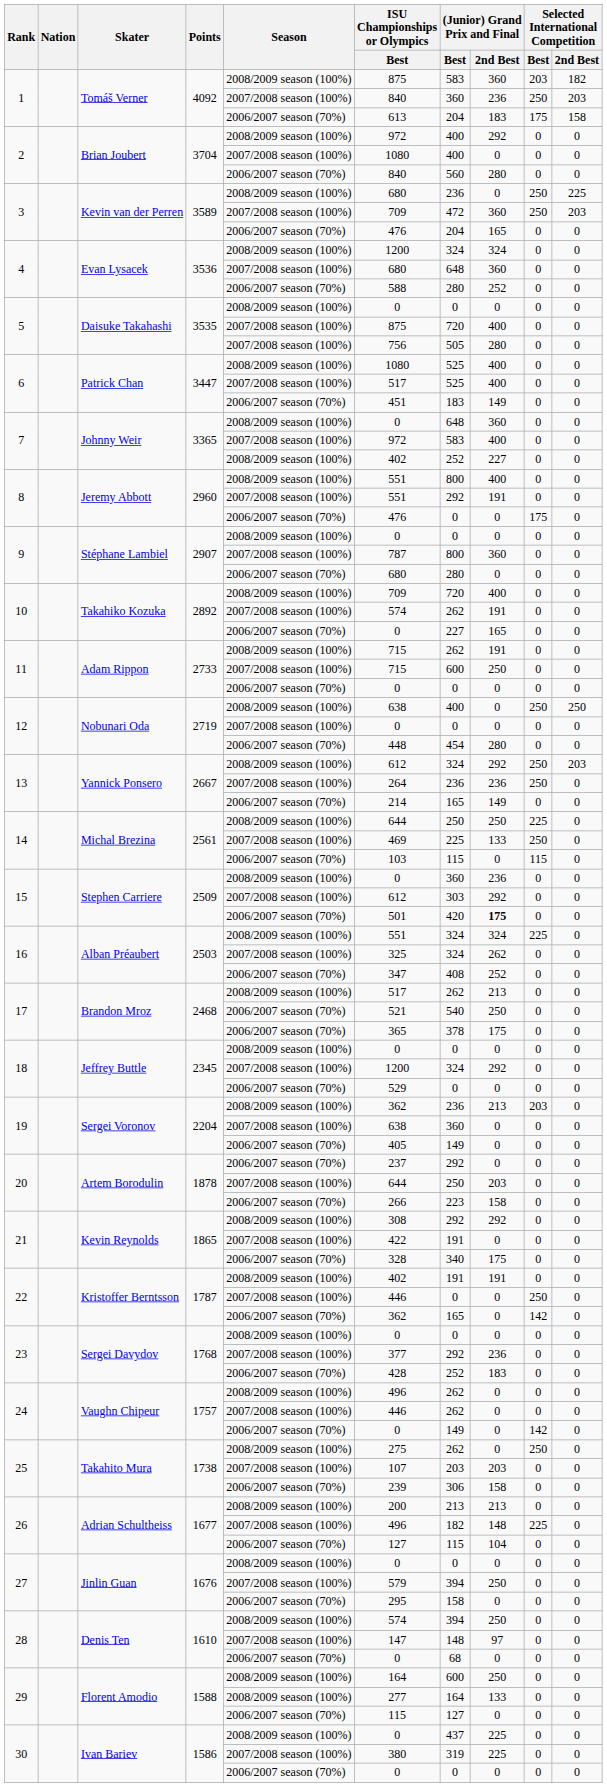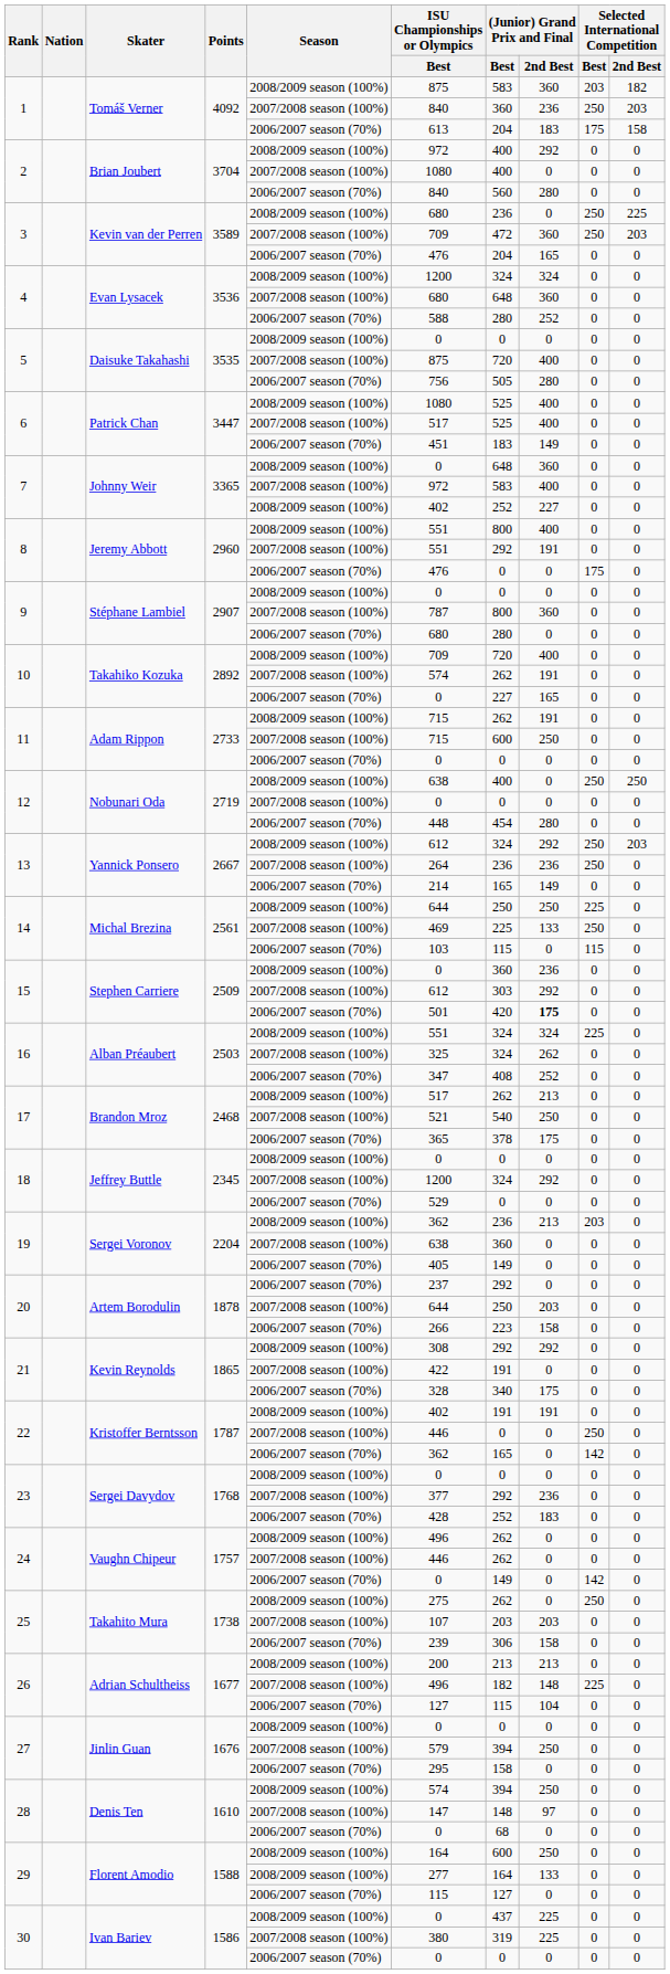 <table class="wikitable sortable" style="text-align: center;">
 <tr>
 <th rowspan="2">Rank</th>
 <th rowspan="2">Nation</th>
 <th rowspan="2">Skater</th>
 <th rowspan="2">Points</th>
 <th rowspan="2">Season</th>
 <th>ISU <br> Championships <br> or Olympics</th>
 <th colspan="2">(Junior) Grand <br> Prix and Final</th>
 <th colspan="2">Selected <br> International <br> Competition</th>
 </tr>
 <tr>
 <th>Best</th>
 <th>Best</th>
 <th>2nd Best</th>
 <th>Best</th>
 <th>2nd Best</th>
 </tr>
 <tr>
 <td rowspan="3">1</td>
 <td rowspan="3" style="text-align: left;"></td>
 <td rowspan="3" style="text-align: left;"><a href='#'>Tomáš Verner</a></td>
 <td rowspan="3">4092</td>
 <td style="text-align: left;">2008/2009 season (100%)</td>
 <td>875</td>
 <td>583</td>
 <td>360</td>
 <td>203</td>
 <td>182</td>
 </tr>
 <tr>
 <td style="text-align: left;">2007/2008 season (100%)</td>
 <td>840</td>
 <td>360</td>
 <td>236</td>
 <td>250</td>
 <td>203</td>
 </tr>
 <tr>
 <td style="text-align: left;">2006/2007 season (70%)</td>
 <td>613</td>
 <td>204</td>
 <td>183</td>
 <td>175</td>
 <td>158</td>
 </tr>
 <tr>
 <td rowspan="3">2</td>
 <td rowspan="3" style="text-align: left;"></td>
 <td rowspan="3" style="text-align: left;"><a href='#'>Brian Joubert</a></td>
 <td rowspan="3">3704</td>
 <td style="text-align: left;">2008/2009 season (100%)</td>
 <td>972</td>
 <td>400</td>
 <td>292</td>
 <td>0</td>
 <td>0</td>
 </tr>
 <tr>
 <td style="text-align: left;">2007/2008 season (100%)</td>
 <td>1080</td>
 <td>400</td>
 <td>0</td>
 <td>0</td>
 <td>0</td>
 </tr>
 <tr>
 <td style="text-align: left;">2006/2007 season (70%)</td>
 <td>840</td>
 <td>560</td>
 <td>280</td>
 <td>0</td>
 <td>0</td>
 </tr>
 <tr>
 <td rowspan="3">3</td>
 <td rowspan="3" style="text-align: left;"></td>
 <td rowspan="3" style="text-align: left;"><a href='#'>Kevin van der Perren</a></td>
 <td rowspan="3">3589</td>
 <td style="text-align: left;">2008/2009 season (100%)</td>
 <td>680</td>
 <td>236</td>
 <td>0</td>
 <td>250</td>
 <td>225</td>
 </tr>
 <tr>
 <td style="text-align: left;">2007/2008 season (100%)</td>
 <td>709</td>
 <td>472</td>
 <td>360</td>
 <td>250</td>
 <td>203</td>
 </tr>
 <tr>
 <td style="text-align: left;">2006/2007 season (70%)</td>
 <td>476</td>
 <td>204</td>
 <td>165</td>
 <td>0</td>
 <td>0</td>
 </tr>
 <tr>
 <td rowspan="3">4</td>
 <td rowspan="3" style="text-align: left;"></td>
 <td rowspan="3" style="text-align: left;"><a href='#'>Evan Lysacek</a></td>
 <td rowspan="3">3536</td>
 <td style="text-align: left;">2008/2009 season (100%)</td>
 <td>1200</td>
 <td>324</td>
 <td>324</td>
 <td>0</td>
 <td>0</td>
 </tr>
 <tr>
 <td style="text-align: left;">2007/2008 season (100%)</td>
 <td>680</td>
 <td>648</td>
 <td>360</td>
 <td>0</td>
 <td>0</td>
 </tr>
 <tr>
 <td style="text-align: left;">2006/2007 season (70%)</td>
 <td>588</td>
 <td>280</td>
 <td>252</td>
 <td>0</td>
 <td>0</td>
 </tr>
 <tr>
 <td rowspan="3">5</td>
 <td rowspan="3" style="text-align: left;"></td>
 <td rowspan="3" style="text-align: left;"><a href='#'>Daisuke Takahashi</a></td>
 <td rowspan="3">3535</td>
 <td style="text-align: left;">2008/2009 season (100%)</td>
 <td>0</td>
 <td>0</td>
 <td>0</td>
 <td>0</td>
 <td>0</td>
 </tr>
 <tr>
 <td style="text-align: left;">2007/2008 season (100%)</td>
 <td>875</td>
 <td>720</td>
 <td>400</td>
 <td>0</td>
 <td>0</td>
 </tr>
 <tr>
-<td style="text-align: left;">2007/2008 season (100%)</td>
+<td style="text-align: left;">2006/2007 season (70%)</td>
 <td>756</td>
 <td>505</td>
 <td>280</td>
 <td>0</td>
 <td>0</td>
 </tr>
 <tr>
 <td rowspan="3">6</td>
 <td rowspan="3" style="text-align: left;"></td>
 <td rowspan="3" style="text-align: left;"><a href='#'>Patrick Chan</a></td>
 <td rowspan="3">3447</td>
 <td style="text-align: left;">2008/2009 season (100%)</td>
 <td>1080</td>
 <td>525</td>
 <td>400</td>
 <td>0</td>
 <td>0</td>
 </tr>
 <tr>
 <td style="text-align: left;">2007/2008 season (100%)</td>
 <td>517</td>
 <td>525</td>
 <td>400</td>
 <td>0</td>
 <td>0</td>
 </tr>
 <tr>
 <td style="text-align: left;">2006/2007 season (70%)</td>
 <td>451</td>
 <td>183</td>
 <td>149</td>
 <td>0</td>
 <td>0</td>
 </tr>
 <tr>
 <td rowspan="3">7</td>
 <td rowspan="3" style="text-align: left;"></td>
 <td rowspan="3" style="text-align: left;"><a href='#'>Johnny Weir</a></td>
 <td rowspan="3">3365</td>
 <td style="text-align: left;">2008/2009 season (100%)</td>
 <td>0</td>
 <td>648</td>
 <td>360</td>
 <td>0</td>
 <td>0</td>
 </tr>
 <tr>
 <td style="text-align: left;">2007/2008 season (100%)</td>
 <td>972</td>
 <td>583</td>
 <td>400</td>
 <td>0</td>
 <td>0</td>
 </tr>
 <tr>
 <td style="text-align: left;">2008/2009 season (100%)</td>
 <td>402</td>
 <td>252</td>
 <td>227</td>
 <td>0</td>
 <td>0</td>
 </tr>
 <tr>
 <td rowspan="3">8</td>
 <td rowspan="3" style="text-align: left;"></td>
 <td rowspan="3" style="text-align: left;"><a href='#'>Jeremy Abbott</a></td>
 <td rowspan="3">2960</td>
 <td style="text-align: left;">2008/2009 season (100%)</td>
 <td>551</td>
 <td>800</td>
 <td>400</td>
 <td>0</td>
 <td>0</td>
 </tr>
 <tr>
 <td style="text-align: left;">2007/2008 season (100%)</td>
 <td>551</td>
 <td>292</td>
 <td>191</td>
 <td>0</td>
 <td>0</td>
 </tr>
 <tr>
 <td style="text-align: left;">2006/2007 season (70%)</td>
 <td>476</td>
 <td>0</td>
 <td>0</td>
 <td>175</td>
 <td>0</td>
 </tr>
 <tr>
 <td rowspan="3">9</td>
 <td rowspan="3" style="text-align: left;"></td>
 <td rowspan="3" style="text-align: left;"><a href='#'>Stéphane Lambiel</a></td>
 <td rowspan="3">2907</td>
 <td style="text-align: left;">2008/2009 season (100%)</td>
 <td>0</td>
 <td>0</td>
 <td>0</td>
 <td>0</td>
 <td>0</td>
 </tr>
 <tr>
 <td style="text-align: left;">2007/2008 season (100%)</td>
 <td>787</td>
 <td>800</td>
 <td>360</td>
 <td>0</td>
 <td>0</td>
 </tr>
 <tr>
 <td style="text-align: left;">2006/2007 season (70%)</td>
 <td>680</td>
 <td>280</td>
 <td>0</td>
 <td>0</td>
 <td>0</td>
 </tr>
 <tr>
 <td rowspan="3">10</td>
 <td rowspan="3" style="text-align: left;"></td>
 <td rowspan="3" style="text-align: left;"><a href='#'>Takahiko Kozuka</a></td>
 <td rowspan="3">2892</td>
 <td style="text-align: left;">2008/2009 season (100%)</td>
 <td>709</td>
 <td>720</td>
 <td>400</td>
 <td>0</td>
 <td>0</td>
 </tr>
 <tr>
 <td style="text-align: left;">2007/2008 season (100%)</td>
 <td>574</td>
 <td>262</td>
 <td>191</td>
 <td>0</td>
 <td>0</td>
 </tr>
 <tr>
 <td style="text-align: left;">2006/2007 season (70%)</td>
 <td>0</td>
 <td>227</td>
 <td>165</td>
 <td>0</td>
 <td>0</td>
 </tr>
 <tr>
 <td rowspan="3">11</td>
 <td rowspan="3" style="text-align: left;"></td>
 <td rowspan="3" style="text-align: left;"><a href='#'>Adam Rippon</a></td>
 <td rowspan="3">2733</td>
 <td style="text-align: left;">2008/2009 season (100%)</td>
 <td>715</td>
 <td>262</td>
 <td>191</td>
 <td>0</td>
 <td>0</td>
 </tr>
 <tr>
 <td style="text-align: left;">2007/2008 season (100%)</td>
 <td>715</td>
 <td>600</td>
 <td>250</td>
 <td>0</td>
 <td>0</td>
 </tr>
 <tr>
 <td style="text-align: left;">2006/2007 season (70%)</td>
 <td>0</td>
 <td>0</td>
 <td>0</td>
 <td>0</td>
 <td>0</td>
 </tr>
 <tr>
 <td rowspan="3">12</td>
 <td rowspan="3" style="text-align: left;"></td>
 <td rowspan="3" style="text-align: left;"><a href='#'>Nobunari Oda</a></td>
 <td rowspan="3">2719</td>
 <td style="text-align: left;">2008/2009 season (100%)</td>
 <td>638</td>
 <td>400</td>
 <td>0</td>
 <td>250</td>
 <td>250</td>
 </tr>
 <tr>
 <td style="text-align: left;">2007/2008 season (100%)</td>
 <td>0</td>
 <td>0</td>
 <td>0</td>
 <td>0</td>
 <td>0</td>
 </tr>
 <tr>
 <td style="text-align: left;">2006/2007 season (70%)</td>
 <td>448</td>
 <td>454</td>
 <td>280</td>
 <td>0</td>
 <td>0</td>
 </tr>
 <tr>
 <td rowspan="3">13</td>
 <td rowspan="3" style="text-align: left;"></td>
 <td rowspan="3" style="text-align: left;"><a href='#'>Yannick Ponsero</a></td>
 <td rowspan="3">2667</td>
 <td style="text-align: left;">2008/2009 season (100%)</td>
 <td>612</td>
 <td>324</td>
 <td>292</td>
 <td>250</td>
 <td>203</td>
 </tr>
 <tr>
 <td style="text-align: left;">2007/2008 season (100%)</td>
 <td>264</td>
 <td>236</td>
 <td>236</td>
 <td>250</td>
 <td>0</td>
 </tr>
 <tr>
 <td style="text-align: left;">2006/2007 season (70%)</td>
 <td>214</td>
 <td>165</td>
 <td>149</td>
 <td>0</td>
 <td>0</td>
 </tr>
 <tr>
 <td rowspan="3">14</td>
 <td rowspan="3" style="text-align: left;"></td>
 <td rowspan="3" style="text-align: left;"><a href='#'>Michal Brezina</a></td>
 <td rowspan="3">2561</td>
 <td style="text-align: left;">2008/2009 season (100%)</td>
 <td>644</td>
 <td>250</td>
 <td>250</td>
 <td>225</td>
 <td>0</td>
 </tr>
 <tr>
 <td style="text-align: left;">2007/2008 season (100%)</td>
 <td>469</td>
 <td>225</td>
 <td>133</td>
 <td>250</td>
 <td>0</td>
 </tr>
 <tr>
 <td style="text-align: left;">2006/2007 season (70%)</td>
 <td>103</td>
 <td>115</td>
 <td>0</td>
 <td>115</td>
 <td>0</td>
 </tr>
 <tr>
 <td rowspan="3">15</td>
 <td rowspan="3" style="text-align: left;"></td>
 <td rowspan="3" style="text-align: left;"><a href='#'>Stephen Carriere</a></td>
 <td rowspan="3">2509</td>
 <td style="text-align: left;">2008/2009 season (100%)</td>
 <td>0</td>
 <td>360</td>
 <td>236</td>
 <td>0</td>
 <td>0</td>
 </tr>
 <tr>
 <td style="text-align: left;">2007/2008 season (100%)</td>
 <td>612</td>
 <td>303</td>
 <td>292</td>
 <td>0</td>
 <td>0</td>
 </tr>
 <tr>
 <td style="text-align: left;">2006/2007 season (70%)</td>
 <td>501</td>
 <td>420</td>
 <td><strong>175</strong></td>
 <td>0</td>
 <td>0</td>
 </tr>
 <tr>
 <td rowspan="3">16</td>
 <td rowspan="3" style="text-align: left;"></td>
 <td rowspan="3" style="text-align: left;"><a href='#'>Alban Préaubert</a></td>
 <td rowspan="3">2503</td>
 <td style="text-align: left;">2008/2009 season (100%)</td>
 <td>551</td>
 <td>324</td>
 <td>324</td>
 <td>225</td>
 <td>0</td>
 </tr>
 <tr>
 <td style="text-align: left;">2007/2008 season (100%)</td>
 <td>325</td>
 <td>324</td>
 <td>262</td>
 <td>0</td>
 <td>0</td>
 </tr>
 <tr>
 <td style="text-align: left;">2006/2007 season (70%)</td>
 <td>347</td>
 <td>408</td>
 <td>252</td>
 <td>0</td>
 <td>0</td>
 </tr>
 <tr>
 <td rowspan="3">17</td>
 <td rowspan="3" style="text-align: left;"></td>
 <td rowspan="3" style="text-align: left;"><a href='#'>Brandon Mroz</a></td>
 <td rowspan="3">2468</td>
 <td style="text-align: left;">2008/2009 season (100%)</td>
 <td>517</td>
 <td>262</td>
 <td>213</td>
 <td>0</td>
 <td>0</td>
 </tr>
 <tr>
-<td style="text-align: left;">2006/2007 season (70%)</td>
+<td style="text-align: left;">2007/2008 season (100%)</td>
 <td>521</td>
 <td>540</td>
 <td>250</td>
 <td>0</td>
 <td>0</td>
 </tr>
 <tr>
 <td style="text-align: left;">2006/2007 season (70%)</td>
 <td>365</td>
 <td>378</td>
 <td>175</td>
 <td>0</td>
 <td>0</td>
 </tr>
 <tr>
 <td rowspan="3">18</td>
 <td rowspan="3" style="text-align: left;"></td>
 <td rowspan="3" style="text-align: left;"><a href='#'>Jeffrey Buttle</a></td>
 <td rowspan="3">2345</td>
 <td style="text-align: left;">2008/2009 season (100%)</td>
 <td>0</td>
 <td>0</td>
 <td>0</td>
 <td>0</td>
 <td>0</td>
 </tr>
 <tr>
 <td style="text-align: left;">2007/2008 season (100%)</td>
 <td>1200</td>
 <td>324</td>
 <td>292</td>
 <td>0</td>
 <td>0</td>
 </tr>
 <tr>
 <td style="text-align: left;">2006/2007 season (70%)</td>
 <td>529</td>
 <td>0</td>
 <td>0</td>
 <td>0</td>
 <td>0</td>
 </tr>
 <tr>
 <td rowspan="3">19</td>
 <td rowspan="3" style="text-align: left;"></td>
 <td rowspan="3" style="text-align: left;"><a href='#'>Sergei Voronov</a></td>
 <td rowspan="3">2204</td>
 <td style="text-align: left;">2008/2009 season (100%)</td>
 <td>362</td>
 <td>236</td>
 <td>213</td>
 <td>203</td>
 <td>0</td>
 </tr>
 <tr>
 <td style="text-align: left;">2007/2008 season (100%)</td>
 <td>638</td>
 <td>360</td>
 <td>0</td>
 <td>0</td>
 <td>0</td>
 </tr>
 <tr>
 <td style="text-align: left;">2006/2007 season (70%)</td>
 <td>405</td>
 <td>149</td>
 <td>0</td>
 <td>0</td>
 <td>0</td>
 </tr>
 <tr>
 <td rowspan="3">20</td>
 <td rowspan="3" style="text-align: left;"></td>
 <td rowspan="3" style="text-align: left;"><a href='#'>Artem Borodulin</a></td>
 <td rowspan="3">1878</td>
 <td style="text-align: left;">2006/2007 season (70%)</td>
 <td>237</td>
 <td>292</td>
 <td>0</td>
 <td>0</td>
 <td>0</td>
 </tr>
 <tr>
 <td style="text-align: left;">2007/2008 season (100%)</td>
 <td>644</td>
 <td>250</td>
 <td>203</td>
 <td>0</td>
 <td>0</td>
 </tr>
 <tr>
 <td style="text-align: left;">2006/2007 season (70%)</td>
 <td>266</td>
 <td>223</td>
 <td>158</td>
 <td>0</td>
 <td>0</td>
 </tr>
 <tr>
 <td rowspan="3">21</td>
 <td rowspan="3" style="text-align: left;"></td>
 <td rowspan="3" style="text-align: left;"><a href='#'>Kevin Reynolds</a></td>
 <td rowspan="3">1865</td>
 <td style="text-align: left;">2008/2009 season (100%)</td>
 <td>308</td>
 <td>292</td>
 <td>292</td>
 <td>0</td>
 <td>0</td>
 </tr>
 <tr>
 <td style="text-align: left;">2007/2008 season (100%)</td>
 <td>422</td>
 <td>191</td>
 <td>0</td>
 <td>0</td>
 <td>0</td>
 </tr>
 <tr>
 <td style="text-align: left;">2006/2007 season (70%)</td>
 <td>328</td>
 <td>340</td>
 <td>175</td>
 <td>0</td>
 <td>0</td>
 </tr>
 <tr>
 <td rowspan="3">22</td>
 <td rowspan="3" style="text-align: left;"></td>
 <td rowspan="3" style="text-align: left;"><a href='#'>Kristoffer Berntsson</a></td>
 <td rowspan="3">1787</td>
 <td style="text-align: left;">2008/2009 season (100%)</td>
 <td>402</td>
 <td>191</td>
 <td>191</td>
 <td>0</td>
 <td>0</td>
 </tr>
 <tr>
 <td style="text-align: left;">2007/2008 season (100%)</td>
 <td>446</td>
 <td>0</td>
 <td>0</td>
 <td>250</td>
 <td>0</td>
 </tr>
 <tr>
 <td style="text-align: left;">2006/2007 season (70%)</td>
 <td>362</td>
 <td>165</td>
 <td>0</td>
 <td>142</td>
 <td>0</td>
 </tr>
 <tr>
 <td rowspan="3">23</td>
 <td rowspan="3" style="text-align: left;"></td>
 <td rowspan="3" style="text-align: left;"><a href='#'>Sergei Davydov</a></td>
 <td rowspan="3">1768</td>
 <td style="text-align: left;">2008/2009 season (100%)</td>
 <td>0</td>
 <td>0</td>
 <td>0</td>
 <td>0</td>
 <td>0</td>
 </tr>
 <tr>
 <td style="text-align: left;">2007/2008 season (100%)</td>
 <td>377</td>
 <td>292</td>
 <td>236</td>
 <td>0</td>
 <td>0</td>
 </tr>
 <tr>
 <td style="text-align: left;">2006/2007 season (70%)</td>
 <td>428</td>
 <td>252</td>
 <td>183</td>
 <td>0</td>
 <td>0</td>
 </tr>
 <tr>
 <td rowspan="3">24</td>
 <td rowspan="3" style="text-align: left;"></td>
 <td rowspan="3" style="text-align: left;"><a href='#'>Vaughn Chipeur</a></td>
 <td rowspan="3">1757</td>
 <td style="text-align: left;">2008/2009 season (100%)</td>
 <td>496</td>
 <td>262</td>
 <td>0</td>
 <td>0</td>
 <td>0</td>
 </tr>
 <tr>
 <td style="text-align: left;">2007/2008 season (100%)</td>
 <td>446</td>
 <td>262</td>
 <td>0</td>
 <td>0</td>
 <td>0</td>
 </tr>
 <tr>
 <td style="text-align: left;">2006/2007 season (70%)</td>
 <td>0</td>
 <td>149</td>
 <td>0</td>
 <td>142</td>
 <td>0</td>
 </tr>
 <tr>
 <td rowspan="3">25</td>
 <td rowspan="3" style="text-align: left;"></td>
 <td rowspan="3" style="text-align: left;"><a href='#'>Takahito Mura</a></td>
 <td rowspan="3">1738</td>
 <td style="text-align: left;">2008/2009 season (100%)</td>
 <td>275</td>
 <td>262</td>
 <td>0</td>
 <td>250</td>
 <td>0</td>
 </tr>
 <tr>
 <td style="text-align: left;">2007/2008 season (100%)</td>
 <td>107</td>
 <td>203</td>
 <td>203</td>
 <td>0</td>
 <td>0</td>
 </tr>
 <tr>
 <td style="text-align: left;">2006/2007 season (70%)</td>
 <td>239</td>
 <td>306</td>
 <td>158</td>
 <td>0</td>
 <td>0</td>
 </tr>
 <tr>
 <td rowspan="3">26</td>
 <td rowspan="3" style="text-align: left;"></td>
 <td rowspan="3" style="text-align: left;"><a href='#'>Adrian Schultheiss</a></td>
 <td rowspan="3">1677</td>
 <td style="text-align: left;">2008/2009 season (100%)</td>
 <td>200</td>
 <td>213</td>
 <td>213</td>
 <td>0</td>
 <td>0</td>
 </tr>
 <tr>
 <td style="text-align: left;">2007/2008 season (100%)</td>
 <td>496</td>
 <td>182</td>
 <td>148</td>
 <td>225</td>
 <td>0</td>
 </tr>
 <tr>
 <td style="text-align: left;">2006/2007 season (70%)</td>
 <td>127</td>
 <td>115</td>
 <td>104</td>
 <td>0</td>
 <td>0</td>
 </tr>
 <tr>
 <td rowspan="3">27</td>
 <td rowspan="3" style="text-align: left;"></td>
 <td rowspan="3" style="text-align: left;"><a href='#'>Jinlin Guan</a></td>
 <td rowspan="3">1676</td>
 <td style="text-align: left;">2008/2009 season (100%)</td>
 <td>0</td>
 <td>0</td>
 <td>0</td>
 <td>0</td>
 <td>0</td>
 </tr>
 <tr>
 <td style="text-align: left;">2007/2008 season (100%)</td>
 <td>579</td>
 <td>394</td>
 <td>250</td>
 <td>0</td>
 <td>0</td>
 </tr>
 <tr>
 <td style="text-align: left;">2006/2007 season (70%)</td>
 <td>295</td>
 <td>158</td>
 <td>0</td>
 <td>0</td>
 <td>0</td>
 </tr>
 <tr>
 <td rowspan="3">28</td>
 <td rowspan="3" style="text-align: left;"></td>
 <td rowspan="3" style="text-align: left;"><a href='#'>Denis Ten</a></td>
 <td rowspan="3">1610</td>
 <td style="text-align: left;">2008/2009 season (100%)</td>
 <td>574</td>
 <td>394</td>
 <td>250</td>
 <td>0</td>
 <td>0</td>
 </tr>
 <tr>
 <td style="text-align: left;">2007/2008 season (100%)</td>
 <td>147</td>
 <td>148</td>
 <td>97</td>
 <td>0</td>
 <td>0</td>
 </tr>
 <tr>
 <td style="text-align: left;">2006/2007 season (70%)</td>
 <td>0</td>
 <td>68</td>
 <td>0</td>
 <td>0</td>
 <td>0</td>
 </tr>
 <tr>
 <td rowspan="3">29</td>
 <td rowspan="3" style="text-align: left;"></td>
 <td rowspan="3" style="text-align: left;"><a href='#'>Florent Amodio</a></td>
 <td rowspan="3">1588</td>
 <td style="text-align: left;">2008/2009 season (100%)</td>
 <td>164</td>
 <td>600</td>
 <td>250</td>
 <td>0</td>
 <td>0</td>
 </tr>
 <tr>
 <td style="text-align: left;">2008/2009 season (100%)</td>
 <td>277</td>
 <td>164</td>
 <td>133</td>
 <td>0</td>
 <td>0</td>
 </tr>
 <tr>
 <td style="text-align: left;">2006/2007 season (70%)</td>
 <td>115</td>
 <td>127</td>
 <td>0</td>
 <td>0</td>
 <td>0</td>
 </tr>
 <tr>
 <td rowspan="3">30</td>
 <td rowspan="3" style="text-align: left;"></td>
 <td rowspan="3" style="text-align: left;"><a href='#'>Ivan Bariev</a></td>
 <td rowspan="3">1586</td>
 <td style="text-align: left;">2008/2009 season (100%)</td>
 <td>0</td>
 <td>437</td>
 <td>225</td>
 <td>0</td>
 <td>0</td>
 </tr>
 <tr>
 <td style="text-align: left;">2007/2008 season (100%)</td>
 <td>380</td>
 <td>319</td>
 <td>225</td>
 <td>0</td>
 <td>0</td>
 </tr>
 <tr>
 <td style="text-align: left;">2006/2007 season (70%)</td>
 <td>0</td>
 <td>0</td>
 <td>0</td>
 <td>0</td>
 <td>0</td>
 </tr>
 </table>
